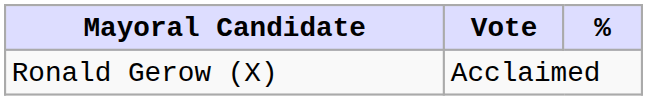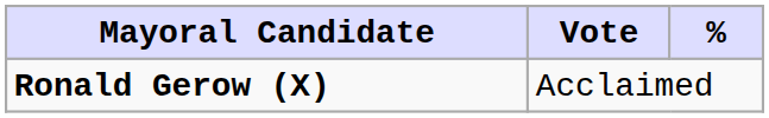 <table class="wikitable">
 <tr>
 <th style="background:#ddf; width:200px;">Mayoral Candidate</th>
 <th style="background:#ddf; width:50px;">Vote</th>
 <th style="background:#ddf; width:30px;">%</th>
 </tr>
 <tr>
-<td>Ronald Gerow (X)</td>
+<td><strong>Ronald Gerow (X)</strong></td>
 <td colspan="2">Acclaimed</td>
 </tr>
 </table>
